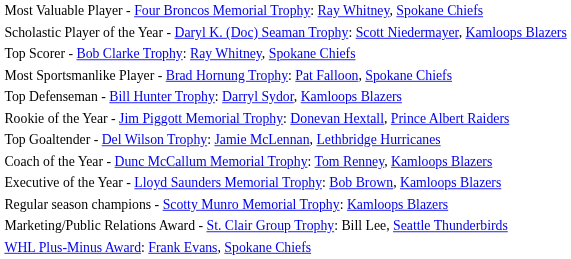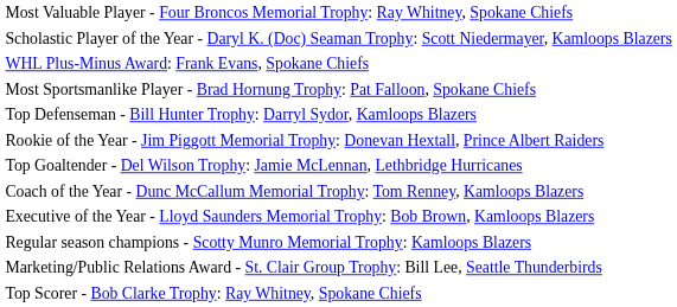 <table cellpadding="3" cellspacing="1">
 <tr>
 <td>Most Valuable Player - <a href='#'>Four Broncos Memorial Trophy</a>: <a href='#'>Ray Whitney</a>, <a href='#'>Spokane Chiefs</a></td>
 </tr>
 <tr>
 <td>Scholastic Player of the Year - <a href='#'>Daryl K. (Doc) Seaman Trophy</a>: <a href='#'>Scott Niedermayer</a>, <a href='#'>Kamloops Blazers</a></td>
 </tr>
 <tr>
-<td>Top Scorer - <a href='#'>Bob Clarke Trophy</a>: <a href='#'>Ray Whitney</a>, <a href='#'>Spokane Chiefs</a></td>
+<td><a href='#'>WHL Plus-Minus Award</a>: <a href='#'>Frank Evans</a>, <a href='#'>Spokane Chiefs</a></td>
 </tr>
 <tr>
 <td>Most Sportsmanlike Player - <a href='#'>Brad Hornung Trophy</a>: <a href='#'>Pat Falloon</a>, <a href='#'>Spokane Chiefs</a></td>
 </tr>
 <tr>
 <td>Top Defenseman - <a href='#'>Bill Hunter Trophy</a>: <a href='#'>Darryl Sydor</a>, <a href='#'>Kamloops Blazers</a></td>
 </tr>
 <tr>
 <td>Rookie of the Year - <a href='#'>Jim Piggott Memorial Trophy</a>: <a href='#'>Donevan Hextall</a>, <a href='#'>Prince Albert Raiders</a></td>
 </tr>
 <tr>
 <td>Top Goaltender - <a href='#'>Del Wilson Trophy</a>: <a href='#'>Jamie McLennan</a>, <a href='#'>Lethbridge Hurricanes</a></td>
 </tr>
 <tr>
 <td>Coach of the Year - <a href='#'>Dunc McCallum Memorial Trophy</a>: <a href='#'>Tom Renney</a>, <a href='#'>Kamloops Blazers</a></td>
 </tr>
 <tr>
 <td>Executive of the Year - <a href='#'>Lloyd Saunders Memorial Trophy</a>: <a href='#'>Bob Brown</a>, <a href='#'>Kamloops Blazers</a></td>
 </tr>
 <tr>
 <td>Regular season champions - <a href='#'>Scotty Munro Memorial Trophy</a>: <a href='#'>Kamloops Blazers</a></td>
 </tr>
 <tr>
 <td>Marketing/Public Relations Award - <a href='#'>St. Clair Group Trophy</a>: Bill Lee, <a href='#'>Seattle Thunderbirds</a></td>
 </tr>
 <tr>
-<td><a href='#'>WHL Plus-Minus Award</a>: <a href='#'>Frank Evans</a>, <a href='#'>Spokane Chiefs</a></td>
+<td>Top Scorer - <a href='#'>Bob Clarke Trophy</a>: <a href='#'>Ray Whitney</a>, <a href='#'>Spokane Chiefs</a></td>
 </tr>
 </table>
